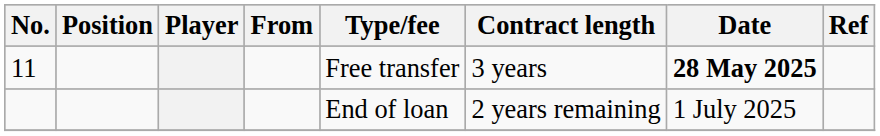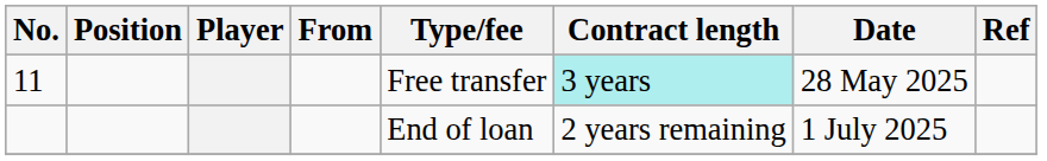 <table class="wikitable plainrowheaders sortable" style="text-align:center; text-align:left">
 <tr>
 <th scope="col">No.</th>
 <th scope="col">Position</th>
 <th scope="col">Player</th>
 <th scope="col">From</th>
 <th scope="col">Type/fee</th>
 <th scope="col">Contract length</th>
 <th scope="col">Date</th>
 <th scope="col" class="unsortable">Ref</th>
 </tr>
 <tr>
 <td>11</td>
 <td></td>
 <th scope="row"></th>
 <td></td>
 <td>Free transfer</td>
-<td>3 years</td>
-<td><strong>28 May 2025</strong></td>
+<td style="background: paleturquoise;">3 years</td>
+<td>28 May 2025</td>
 <td></td>
 </tr>
 <tr>
 <td></td>
 <td></td>
 <th scope="row"></th>
 <td></td>
 <td>End of loan</td>
 <td>2 years remaining</td>
 <td>1 July 2025</td>
 <td></td>
 </tr>
 <tr>
 </tr>
 </table>
